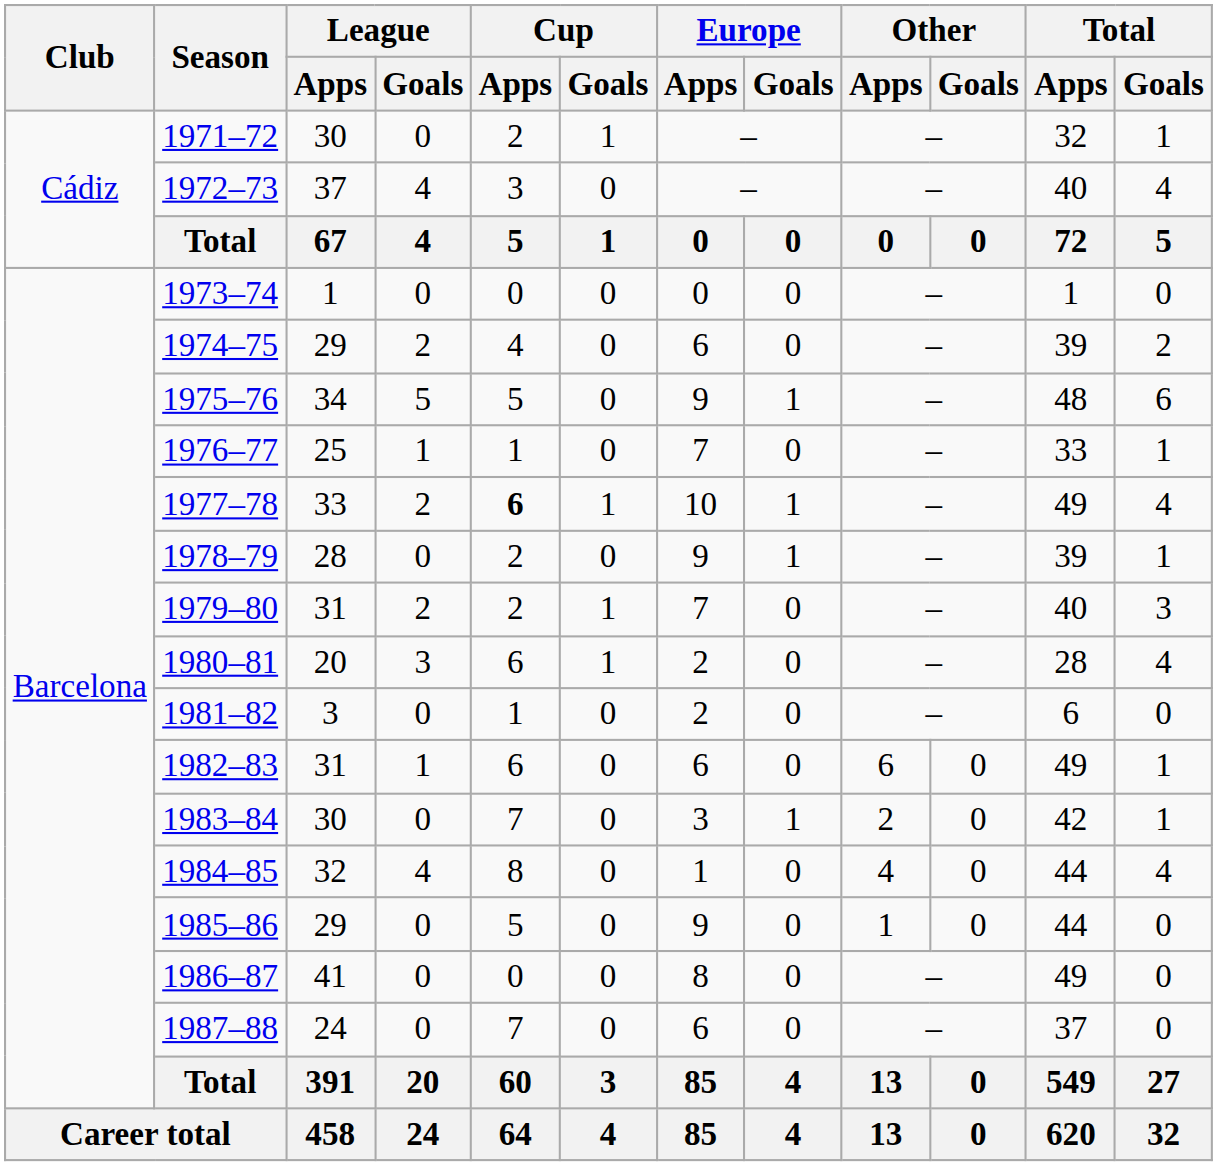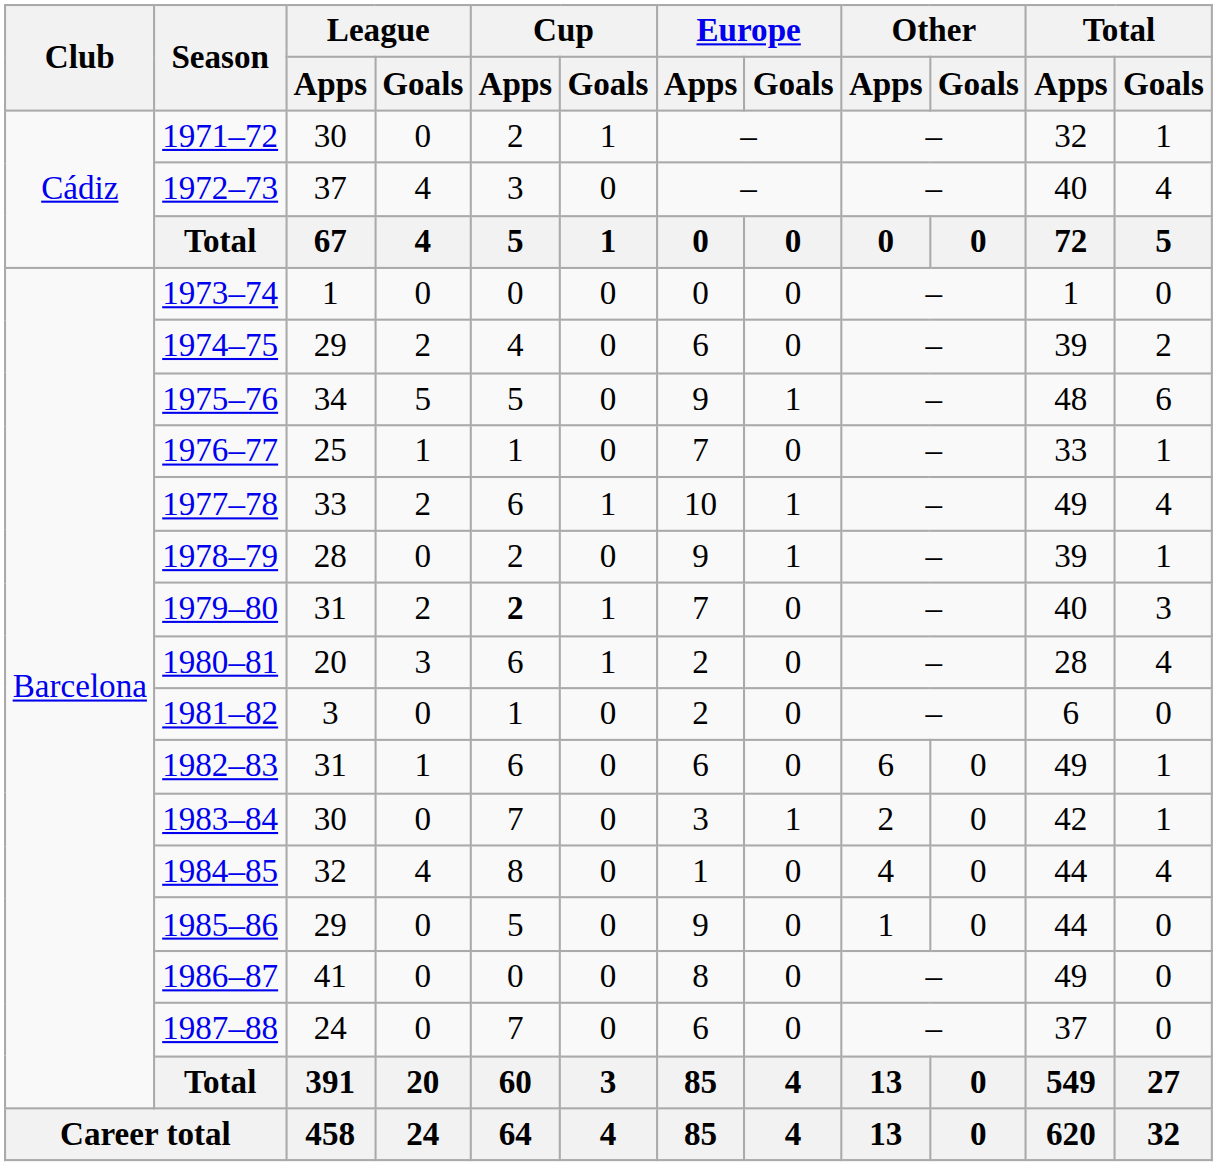 <table class="wikitable" style="text-align:center">
 <tr>
 <th rowspan="2">Club</th>
 <th rowspan="2">Season</th>
 <th colspan="2">League</th>
 <th colspan="2">Cup</th>
 <th colspan="2"><a href='#'>Europe</a></th>
 <th colspan="2">Other</th>
 <th colspan="2">Total</th>
 </tr>
 <tr>
 <th>Apps</th>
 <th>Goals</th>
 <th>Apps</th>
 <th>Goals</th>
 <th>Apps</th>
 <th>Goals</th>
 <th>Apps</th>
 <th>Goals</th>
 <th>Apps</th>
 <th>Goals</th>
 </tr>
 <tr>
 <td rowspan="3"><a href='#'>Cádiz</a></td>
 <td !colspan="2"><a href='#'>1971–72</a></td>
 <td>30</td>
 <td>0</td>
 <td>2</td>
 <td>1</td>
 <td colspan="2">–</td>
 <td colspan="2">–</td>
 <td>32</td>
 <td>1</td>
 </tr>
 <tr>
 <td !colspan="2"><a href='#'>1972–73</a></td>
 <td>37</td>
 <td>4</td>
 <td>3</td>
 <td>0</td>
 <td colspan="2">–</td>
 <td colspan="2">–</td>
 <td>40</td>
 <td>4</td>
 </tr>
 <tr>
 <th>Total</th>
 <th>67</th>
 <th>4</th>
 <th>5</th>
 <th>1</th>
 <th>0</th>
 <th>0</th>
 <th>0</th>
 <th>0</th>
 <th>72</th>
 <th>5</th>
 </tr>
 <tr>
 <td rowspan="16"><a href='#'>Barcelona</a></td>
 <td !colspan="2"><a href='#'>1973–74</a></td>
 <td>1</td>
 <td>0</td>
 <td>0</td>
 <td>0</td>
 <td>0</td>
 <td>0</td>
 <td colspan="2">–</td>
 <td>1</td>
 <td>0</td>
 </tr>
 <tr>
 <td !colspan="2"><a href='#'>1974–75</a></td>
 <td>29</td>
 <td>2</td>
 <td>4</td>
 <td>0</td>
 <td>6</td>
 <td>0</td>
 <td colspan="2">–</td>
 <td>39</td>
 <td>2</td>
 </tr>
 <tr>
 <td !colspan="2"><a href='#'>1975–76</a></td>
 <td>34</td>
 <td>5</td>
 <td>5</td>
 <td>0</td>
 <td>9</td>
 <td>1</td>
 <td colspan="2">–</td>
 <td>48</td>
 <td>6</td>
 </tr>
 <tr>
 <td !colspan="2"><a href='#'>1976–77</a></td>
 <td>25</td>
 <td>1</td>
 <td>1</td>
 <td>0</td>
 <td>7</td>
 <td>0</td>
 <td colspan="2">–</td>
 <td>33</td>
 <td>1</td>
 </tr>
 <tr>
 <td !colspan="2"><a href='#'>1977–78</a></td>
 <td>33</td>
 <td>2</td>
-<td><strong>6</strong></td>
+<td>6</td>
 <td>1</td>
 <td>10</td>
 <td>1</td>
 <td colspan="2">–</td>
 <td>49</td>
 <td>4</td>
 </tr>
 <tr>
 <td !colspan="2"><a href='#'>1978–79</a></td>
 <td>28</td>
 <td>0</td>
 <td>2</td>
 <td>0</td>
 <td>9</td>
 <td>1</td>
 <td colspan="2">–</td>
 <td>39</td>
 <td>1</td>
 </tr>
 <tr>
 <td !colspan="2"><a href='#'>1979–80</a></td>
 <td>31</td>
 <td>2</td>
-<td>2</td>
+<td><strong>2</strong></td>
 <td>1</td>
 <td>7</td>
 <td>0</td>
 <td colspan="2">–</td>
 <td>40</td>
 <td>3</td>
 </tr>
 <tr>
 <td !colspan="2"><a href='#'>1980–81</a></td>
 <td>20</td>
 <td>3</td>
 <td>6</td>
 <td>1</td>
 <td>2</td>
 <td>0</td>
 <td colspan="2">–</td>
 <td>28</td>
 <td>4</td>
 </tr>
 <tr>
 <td !colspan="2"><a href='#'>1981–82</a></td>
 <td>3</td>
 <td>0</td>
 <td>1</td>
 <td>0</td>
 <td>2</td>
 <td>0</td>
 <td colspan="2">–</td>
 <td>6</td>
 <td>0</td>
 </tr>
 <tr>
 <td !colspan="2"><a href='#'>1982–83</a></td>
 <td>31</td>
 <td>1</td>
 <td>6</td>
 <td>0</td>
 <td>6</td>
 <td>0</td>
 <td>6</td>
 <td>0</td>
 <td>49</td>
 <td>1</td>
 </tr>
 <tr>
 <td !colspan="2"><a href='#'>1983–84</a></td>
 <td>30</td>
 <td>0</td>
 <td>7</td>
 <td>0</td>
 <td>3</td>
 <td>1</td>
 <td>2</td>
 <td>0</td>
 <td>42</td>
 <td>1</td>
 </tr>
 <tr>
 <td !colspan="2"><a href='#'>1984–85</a></td>
 <td>32</td>
 <td>4</td>
 <td>8</td>
 <td>0</td>
 <td>1</td>
 <td>0</td>
 <td>4</td>
 <td>0</td>
 <td>44</td>
 <td>4</td>
 </tr>
 <tr>
 <td !colspan="2"><a href='#'>1985–86</a></td>
 <td>29</td>
 <td>0</td>
 <td>5</td>
 <td>0</td>
 <td>9</td>
 <td>0</td>
 <td>1</td>
 <td>0</td>
 <td>44</td>
 <td>0</td>
 </tr>
 <tr>
 <td !colspan="2"><a href='#'>1986–87</a></td>
 <td>41</td>
 <td>0</td>
 <td>0</td>
 <td>0</td>
 <td>8</td>
 <td>0</td>
 <td colspan="2">–</td>
 <td>49</td>
 <td>0</td>
 </tr>
 <tr>
 <td !colspan="2"><a href='#'>1987–88</a></td>
 <td>24</td>
 <td>0</td>
 <td>7</td>
 <td>0</td>
 <td>6</td>
 <td>0</td>
 <td colspan="2">–</td>
 <td>37</td>
 <td>0</td>
 </tr>
 <tr>
 <th>Total</th>
 <th>391</th>
 <th>20</th>
 <th>60</th>
 <th>3</th>
 <th>85</th>
 <th>4</th>
 <th>13</th>
 <th>0</th>
 <th>549</th>
 <th>27</th>
 </tr>
 <tr>
 <th colspan="2">Career total</th>
 <th>458</th>
 <th>24</th>
 <th>64</th>
 <th>4</th>
 <th>85</th>
 <th>4</th>
 <th>13</th>
 <th>0</th>
 <th>620</th>
 <th>32</th>
 </tr>
 </table>
